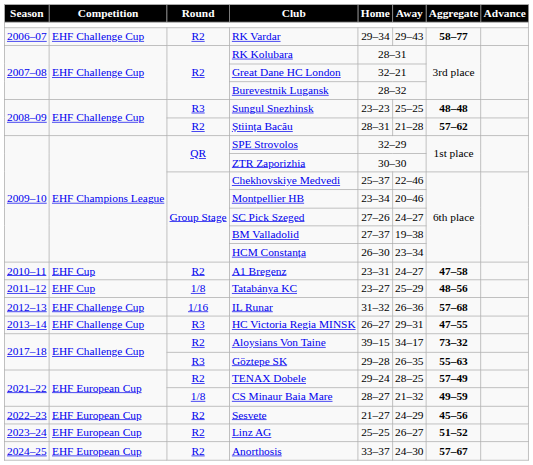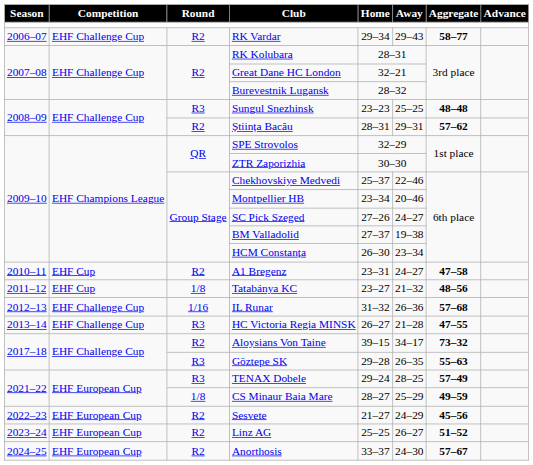 <table class="wikitable">
 <tr>
 <th style="color:#FFFFFF; background:black">Season</th>
 <th style="color:#FFFFFF; background:black">Competition</th>
 <th style="color:#FFFFFF; background:black">Round</th>
 <th style="color:#FFFFFF; background:black">Club</th>
 <th style="color:#FFFFFF; background:black">Home</th>
 <th style="color:#FFFFFF; background:black">Away</th>
 <th style="color:#FFFFFF; background:black">Aggregate</th>
 <th style="color:#FFFFFF; background:black">Advance</th>
 </tr>
 <tr>
 <td colspan="8" bgcolor=white></td>
 </tr>
 <tr>
 <td rowspan="1"><a href='#'>2006–07</a></td>
 <td rowspan="1"><a href='#'>EHF Challenge Cup</a></td>
 <td style="text-align:center;"><a href='#'>R2</a></td>
 <td> <a href='#'>RK Vardar</a></td>
 <td style="text-align:center;">29–34</td>
 <td style="text-align:center;">29–43</td>
 <td style="text-align:center;"><strong>58–77</strong></td>
 <td align="center" rowspan="1"></td>
 </tr>
 <tr>
 <td rowspan="3"><a href='#'>2007–08</a></td>
 <td rowspan="3"><a href='#'>EHF Challenge Cup</a></td>
 <td rowspan="3" style="text-align:center;"><a href='#'>R2</a></td>
 <td> <a href='#'>RK Kolubara</a></td>
 <td colspan="2" style="text-align:center;">28–31</td>
 <td rowspan="3" style="text-align:center;">3rd place</td>
 <td align="center" rowspan="3"></td>
 </tr>
 <tr>
 <td> <a href='#'>Great Dane HC London</a></td>
 <td colspan="2" style="text-align:center;">32–21</td>
 </tr>
 <tr>
 <td> <a href='#'>Burevestnik Lugansk</a></td>
 <td colspan="2" style="text-align:center;">28–32</td>
 </tr>
 <tr>
 <td rowspan="2"><a href='#'>2008–09</a></td>
 <td rowspan="2"><a href='#'>EHF Challenge Cup</a></td>
 <td style="text-align:center;"><a href='#'>R3</a></td>
 <td> <a href='#'>Sungul Snezhinsk</a></td>
 <td style="text-align:center;">23–23</td>
 <td style="text-align:center;">25–25</td>
 <td style="text-align:center;"><strong>48–48</strong></td>
 <td align="center" rowspan="1"></td>
 </tr>
 <tr>
 <td style="text-align:center;"><a href='#'>R2</a></td>
 <td> <a href='#'>Știința Bacău</a></td>
 <td style="text-align:center;">28–31</td>
-<td style="text-align:center;">21–28</td>
+<td style="text-align:center;">29–31</td>
 <td style="text-align:center;"><strong>57–62</strong></td>
 <td align="center" rowspan="1"></td>
 </tr>
 <tr>
 <td rowspan="7"><a href='#'>2009–10</a></td>
 <td rowspan="7"><a href='#'>EHF Champions League</a></td>
 <td rowspan="2" style="text-align:center;"><a href='#'>QR</a></td>
 <td> <a href='#'>SPE Strovolos</a></td>
 <td colspan="2" style="text-align:center;">32–29</td>
 <td rowspan="2" style="text-align:center;">1st place</td>
 <td align="center" rowspan="2"></td>
 </tr>
 <tr>
 <td> <a href='#'>ZTR Zaporizhia</a></td>
 <td colspan="2" style="text-align:center;">30–30</td>
 </tr>
 <tr>
 <td rowspan="5" style="text-align:center;"><a href='#'>Group Stage</a></td>
 <td> <a href='#'>Chekhovskiye Medvedi</a></td>
 <td style="text-align:center;">25–37</td>
 <td style="text-align:center;">22–46</td>
 <td rowspan="5" style="text-align:center;">6th place</td>
 <td align="center" rowspan="5"></td>
 </tr>
 <tr>
 <td> <a href='#'>Montpellier HB</a></td>
 <td style="text-align:center;">23–34</td>
 <td style="text-align:center;">20–46</td>
 </tr>
 <tr>
 <td> <a href='#'>SC Pick Szeged</a></td>
 <td style="text-align:center;">27–26</td>
 <td style="text-align:center;">24–27</td>
 </tr>
 <tr>
 <td> <a href='#'>BM Valladolid</a></td>
 <td style="text-align:center;">27–37</td>
 <td style="text-align:center;">19–38</td>
 </tr>
 <tr>
 <td> <a href='#'>HCM Constanța</a></td>
 <td style="text-align:center;">26–30</td>
 <td style="text-align:center;">23–34</td>
 </tr>
 <tr>
 <td rowspan="1"><a href='#'>2010–11</a></td>
 <td rowspan="1"><a href='#'>EHF Cup</a></td>
 <td style="text-align:center;"><a href='#'>R2</a></td>
 <td> <a href='#'>A1 Bregenz</a></td>
 <td style="text-align:center;">23–31</td>
 <td style="text-align:center;">24–27</td>
 <td style="text-align:center;"><strong>47–58</strong></td>
 <td align="center" rowspan="1"></td>
 </tr>
 <tr>
 <td rowspan="1"><a href='#'>2011–12</a></td>
 <td rowspan="1"><a href='#'>EHF Cup</a></td>
 <td style="text-align:center;"><a href='#'>1/8</a></td>
 <td> <a href='#'>Tatabánya KC</a></td>
 <td style="text-align:center;">23–27</td>
-<td style="text-align:center;">25–29</td>
+<td style="text-align:center;">21–32</td>
 <td style="text-align:center;"><strong>48–56</strong></td>
 <td align="center" rowspan="1"></td>
 </tr>
 <tr>
 <td rowspan="1"><a href='#'>2012–13</a></td>
 <td rowspan="1"><a href='#'>EHF Challenge Cup</a></td>
 <td style="text-align:center;"><a href='#'>1/16</a></td>
 <td> <a href='#'>IL Runar</a></td>
 <td style="text-align:center;">31–32</td>
 <td style="text-align:center;">26–36</td>
 <td style="text-align:center;"><strong>57–68</strong></td>
 <td align="center" rowspan="1"></td>
 </tr>
 <tr>
 <td rowspan="1"><a href='#'>2013–14</a></td>
 <td rowspan="1"><a href='#'>EHF Challenge Cup</a></td>
 <td style="text-align:center;"><a href='#'>R3</a></td>
 <td> <a href='#'>HC Victoria Regia MINSK</a></td>
 <td style="text-align:center;">26–27</td>
-<td style="text-align:center;">29–31</td>
+<td style="text-align:center;">21–28</td>
 <td style="text-align:center;"><strong>47–55</strong></td>
 <td align="center" rowspan="1"></td>
 </tr>
 <tr>
 <td rowspan="2"><a href='#'>2017–18</a></td>
 <td rowspan="2"><a href='#'>EHF Challenge Cup</a></td>
 <td style="text-align:center;"><a href='#'>R2</a></td>
 <td> <a href='#'>Aloysians Von Taine</a></td>
 <td style="text-align:center;">39–15</td>
 <td style="text-align:center;">34–17</td>
 <td style="text-align:center;"><strong>73–32</strong></td>
 <td align="center" rowspan="1"></td>
 </tr>
 <tr>
 <td style="text-align:center;"><a href='#'>R3</a></td>
 <td> <a href='#'>Göztepe SK</a></td>
 <td style="text-align:center;">29–28</td>
 <td style="text-align:center;">26–35</td>
 <td style="text-align:center;"><strong>55–63</strong></td>
 <td align="center" rowspan="1"></td>
 </tr>
 <tr>
 <td rowspan="2"><a href='#'>2021–22</a></td>
 <td rowspan="2"><a href='#'>EHF European Cup</a></td>
-<td style="text-align:center;"><a href='#'>R2</a></td>
+<td style="text-align:center;"><a href='#'>R3</a></td>
 <td> <a href='#'>TENAX Dobele</a></td>
 <td style="text-align:center;">29–24</td>
 <td style="text-align:center;">28–25</td>
 <td style="text-align:center;"><strong>57–49</strong></td>
 <td align="center" rowspan="1"></td>
 </tr>
 <tr>
 <td style="text-align:center;"><a href='#'>1/8</a></td>
 <td> <a href='#'>CS Minaur Baia Mare</a></td>
 <td style="text-align:center;">28–27</td>
-<td style="text-align:center;">21–32</td>
+<td style="text-align:center;">25–29</td>
 <td style="text-align:center;"><strong> 49–59 </strong></td>
 <td align="center" rowspan="1"></td>
 </tr>
 <tr>
 <td rowspan="1"><a href='#'>2022–23</a></td>
 <td rowspan="1"><a href='#'>EHF European Cup</a></td>
 <td style="text-align:center;"><a href='#'>R2</a></td>
 <td> <a href='#'>Sesvete</a></td>
 <td style="text-align:center;">21–27</td>
 <td style="text-align:center;">24–29</td>
 <td style="text-align:center;"><strong> 45–56 </strong></td>
 <td align="center" rowspan="1"></td>
 </tr>
 <tr>
 <td rowspan="1"><a href='#'>2023–24</a></td>
 <td rowspan="1"><a href='#'>EHF European Cup</a></td>
 <td style="text-align:center;"><a href='#'>R2</a></td>
 <td> <a href='#'>Linz AG</a></td>
 <td style="text-align:center;">25–25</td>
 <td style="text-align:center;">26–27</td>
 <td style="text-align:center;"><strong>  51–52  </strong></td>
 <td align="center" rowspan="1"></td>
 </tr>
 <tr>
 <td rowspan="1"><a href='#'>2024–25</a></td>
 <td rowspan="1"><a href='#'>EHF European Cup</a></td>
 <td style="text-align:center;"><a href='#'>R2</a></td>
 <td> <a href='#'>Anorthosis</a></td>
 <td style="text-align:center;">33–37</td>
 <td style="text-align:center;">24–30</td>
 <td style="text-align:center;"><strong>  57–67  </strong></td>
 <td align="center" rowspan="1"></td>
 </tr>
 </table>
